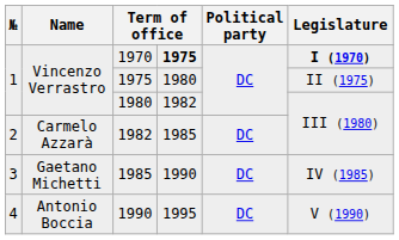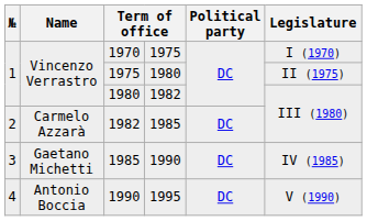 <table class="wikitable" style="text-align:center; width:40%; border:1px #AAAAFF solid">
 <tr>
 <th width=2%>№</th>
 <th width=20%>Name</th>
 <th width=20% colspan=2>Term of office</th>
 <th width=5%>Political party</th>
 <th width=10%>Legislature</th>
 </tr>
 <tr bgcolor=#EEEEEE>
 <td rowspan=3 style="background:">1</td>
 <td rowspan=3>Vincenzo Verrastro</td>
 <td>1970</td>
-<td><strong>1975</strong></td>
+<td>1975</td>
 <td rowspan=3><a href='#'>DC</a></td>
-<td bgcolor=#EEEEEE><strong>I <small>(<a href='#'>1970</a>)</small></strong></td>
+<td bgcolor=#EEEEEE>I <small>(<a href='#'>1970</a>)</small></td>
 </tr>
 <tr bgcolor=#EEEEEE>
 <td>1975</td>
 <td>1980</td>
 <td bgcolor=#EEEEEE>II <small>(<a href='#'>1975</a>)</small></td>
 </tr>
 <tr bgcolor=#EEEEEE>
 <td>1980</td>
 <td>1982</td>
 <td rowspan=2 bgcolor=#EEEEEE>III <small>(<a href='#'>1980</a>)</small></td>
 </tr>
 <tr bgcolor=#EEEEEE>
 <td style="background:">2</td>
 <td>Carmelo Azzarà</td>
 <td>1982</td>
 <td>1985</td>
 <td><a href='#'>DC</a></td>
 </tr>
 <tr bgcolor=#EEEEEE>
 <td style="background:">3</td>
 <td>Gaetano Michetti</td>
 <td>1985</td>
 <td>1990</td>
 <td><a href='#'>DC</a></td>
 <td bgcolor=#EEEEEE>IV <small>(<a href='#'>1985</a>)</small></td>
 </tr>
 <tr bgcolor=#EEEEEE>
 <td style="background:">4</td>
 <td>Antonio Boccia</td>
 <td>1990</td>
 <td>1995</td>
 <td><a href='#'>DC</a></td>
 <td bgcolor=#EEEEEE>V <small>(<a href='#'>1990</a>)</small></td>
 </tr>
 </table>
